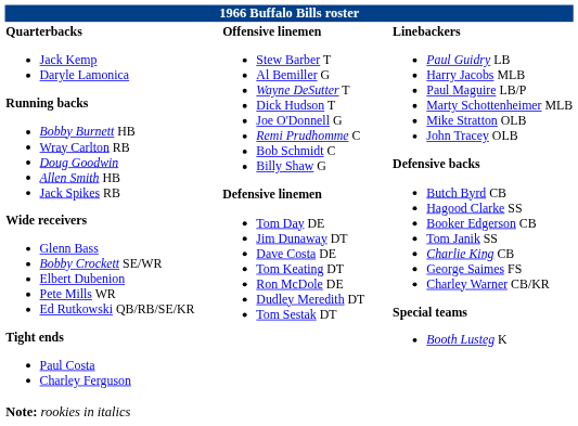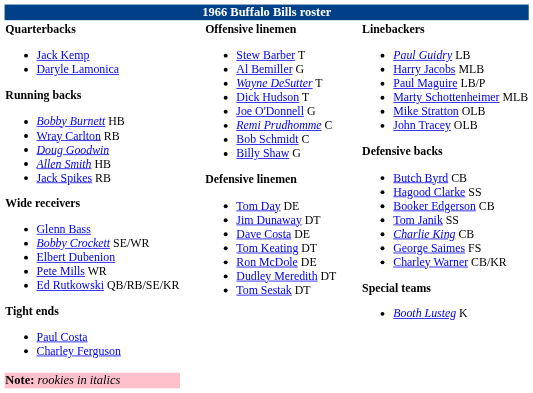 <table class="toccolours" style="text-align: left;">
 <tr>
 <th colspan="7" style="text-align:center;background-color: #004089;color:white;">1966 Buffalo Bills roster</th>
 </tr>
 <tr>
 <td style="font-size: 95%;" valign="top"><strong>Quarterbacks</strong><br><ul><li> <a href='#'>Jack Kemp</a></li><li> <a href='#'>Daryle Lamonica</a></li></ul><strong>Running backs</strong><ul><li> <em><a href='#'>Bobby Burnett</a></em> HB</li><li> <a href='#'>Wray Carlton</a> RB</li><li> <em><a href='#'>Doug Goodwin</a></em></li><li> <em><a href='#'>Allen Smith</a></em> HB</li><li> <a href='#'>Jack Spikes</a> RB</li></ul><strong>Wide receivers</strong><ul><li> <a href='#'>Glenn Bass</a></li><li> <em><a href='#'>Bobby Crockett</a></em> SE/WR</li><li> <a href='#'>Elbert Dubenion</a></li><li> <a href='#'>Pete Mills</a> WR</li><li> <a href='#'>Ed Rutkowski</a> QB/RB/SE/KR</li></ul><strong>Tight ends</strong><ul><li> <a href='#'>Paul Costa</a></li><li> <a href='#'>Charley Ferguson</a></li></ul></td>
 <td style="width: 25px;"></td>
 <td style="font-size: 95%;" valign="top"><strong>Offensive linemen</strong><br><ul><li> <a href='#'>Stew Barber</a> T</li><li> <a href='#'>Al Bemiller</a> G</li><li> <em><a href='#'>Wayne DeSutter</a></em> T</li><li> <a href='#'>Dick Hudson</a> T</li><li> <a href='#'>Joe O'Donnell</a> G</li><li> <em><a href='#'>Remi Prudhomme</a></em> C</li><li> <a href='#'>Bob Schmidt</a> C</li><li> <a href='#'>Billy Shaw</a> G</li></ul><strong>Defensive linemen</strong><ul><li> <a href='#'>Tom Day</a> DE</li><li> <a href='#'>Jim Dunaway</a> DT</li><li>  <a href='#'>Dave Costa</a> DE</li><li> <a href='#'>Tom Keating</a> DT</li><li> <a href='#'>Ron McDole</a> DE</li><li> <a href='#'>Dudley Meredith</a> DT</li><li> <a href='#'>Tom Sestak</a> DT</li></ul></td>
 <td style="width: 25px;"></td>
 <td style="font-size: 95%;" valign="top"><strong>Linebackers</strong><br><ul><li> <em><a href='#'>Paul Guidry</a></em> LB</li><li> <a href='#'>Harry Jacobs</a> MLB</li><li> <a href='#'>Paul Maguire</a> LB/P</li><li>  <a href='#'>Marty Schottenheimer</a> MLB</li><li> <a href='#'>Mike Stratton</a> OLB</li><li> <a href='#'>John Tracey</a> OLB</li></ul><strong>Defensive backs</strong><ul><li> <a href='#'>Butch Byrd</a> CB</li><li>  <a href='#'>Hagood Clarke</a> SS</li><li> <a href='#'>Booker Edgerson</a> CB</li><li> <a href='#'>Tom Janik</a> SS</li><li> <em><a href='#'>Charlie King</a></em> CB</li><li> <a href='#'>George Saimes</a> FS</li><li> <a href='#'>Charley Warner</a> CB/KR</li></ul><strong>Special teams</strong><ul><li> <em><a href='#'>Booth Lusteg</a></em> K</li></ul></td>
 </tr>
 <tr>
-<td><strong>Note:</strong> <em>rookies in italics</em></td>
+<td style="background: pink;"><strong>Note:</strong> <em>rookies in italics</em></td>
 </tr>
 </table>
